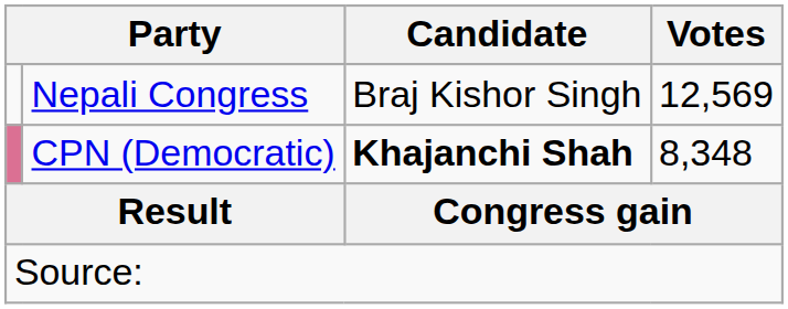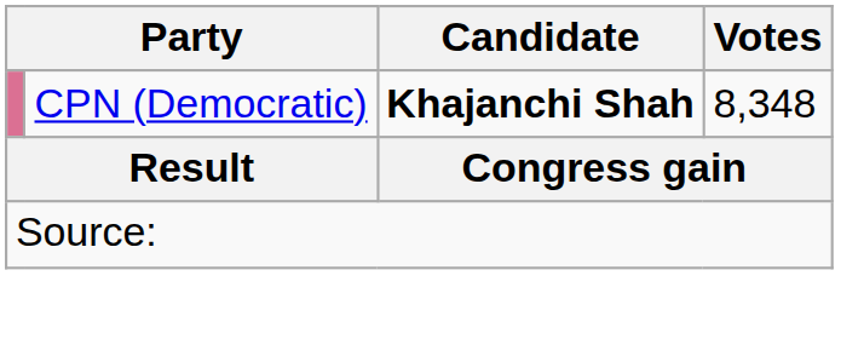 <table class="wikitable">
 <tr>
 <th colspan="2">Party</th>
 <th>Candidate</th>
 <th>Votes</th>
-</tr>
-<tr>
-<td style="background-color:"></td>
-<td><a href='#'>Nepali Congress</a></td>
-<td>Braj Kishor Singh</td>
-<td>12,569</td>
 </tr>
 <tr>
 <td style="background-color:palevioletred"></td>
 <td><a href='#'>CPN (Democratic)</a></td>
 <td><strong>Khajanchi Shah</strong></td>
 <td>8,348</td>
 </tr>
 <tr>
 <th colspan="2">Result</th>
 <th colspan="2">Congress gain</th>
 </tr>
 <tr>
 <td colspan="4">Source: </td>
 </tr>
 </table>
